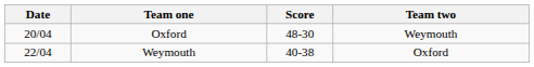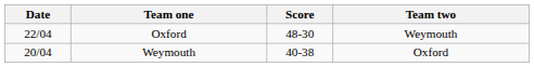 <table class="wikitable" style="text-align: center">
 <tr>
 <th width=80>Date</th>
 <th width=250>Team one</th>
 <th width=80>Score</th>
 <th width=250>Team two</th>
 </tr>
 <tr>
-<td>20/04</td>
+<td>22/04</td>
 <td>Oxford</td>
 <td>48-30</td>
 <td>Weymouth</td>
 </tr>
 <tr>
-<td>22/04</td>
+<td>20/04</td>
 <td>Weymouth</td>
 <td>40-38</td>
 <td>Oxford</td>
 </tr>
 </table>
